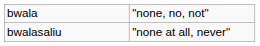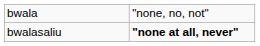 <table class="wikitable">
 <tr>
 <td width="164" valign="top">bwala</td>
 <td width="164" valign="top">"none, no, not"</td>
 </tr>
 <tr>
 <td width="164" valign="top">bwalasaliu</td>
-<td width="164" valign="top">"none at all, never"</td>
+<td width="164" valign="top"><strong>"none at all, never"</strong></td>
 </tr>
 </table>
